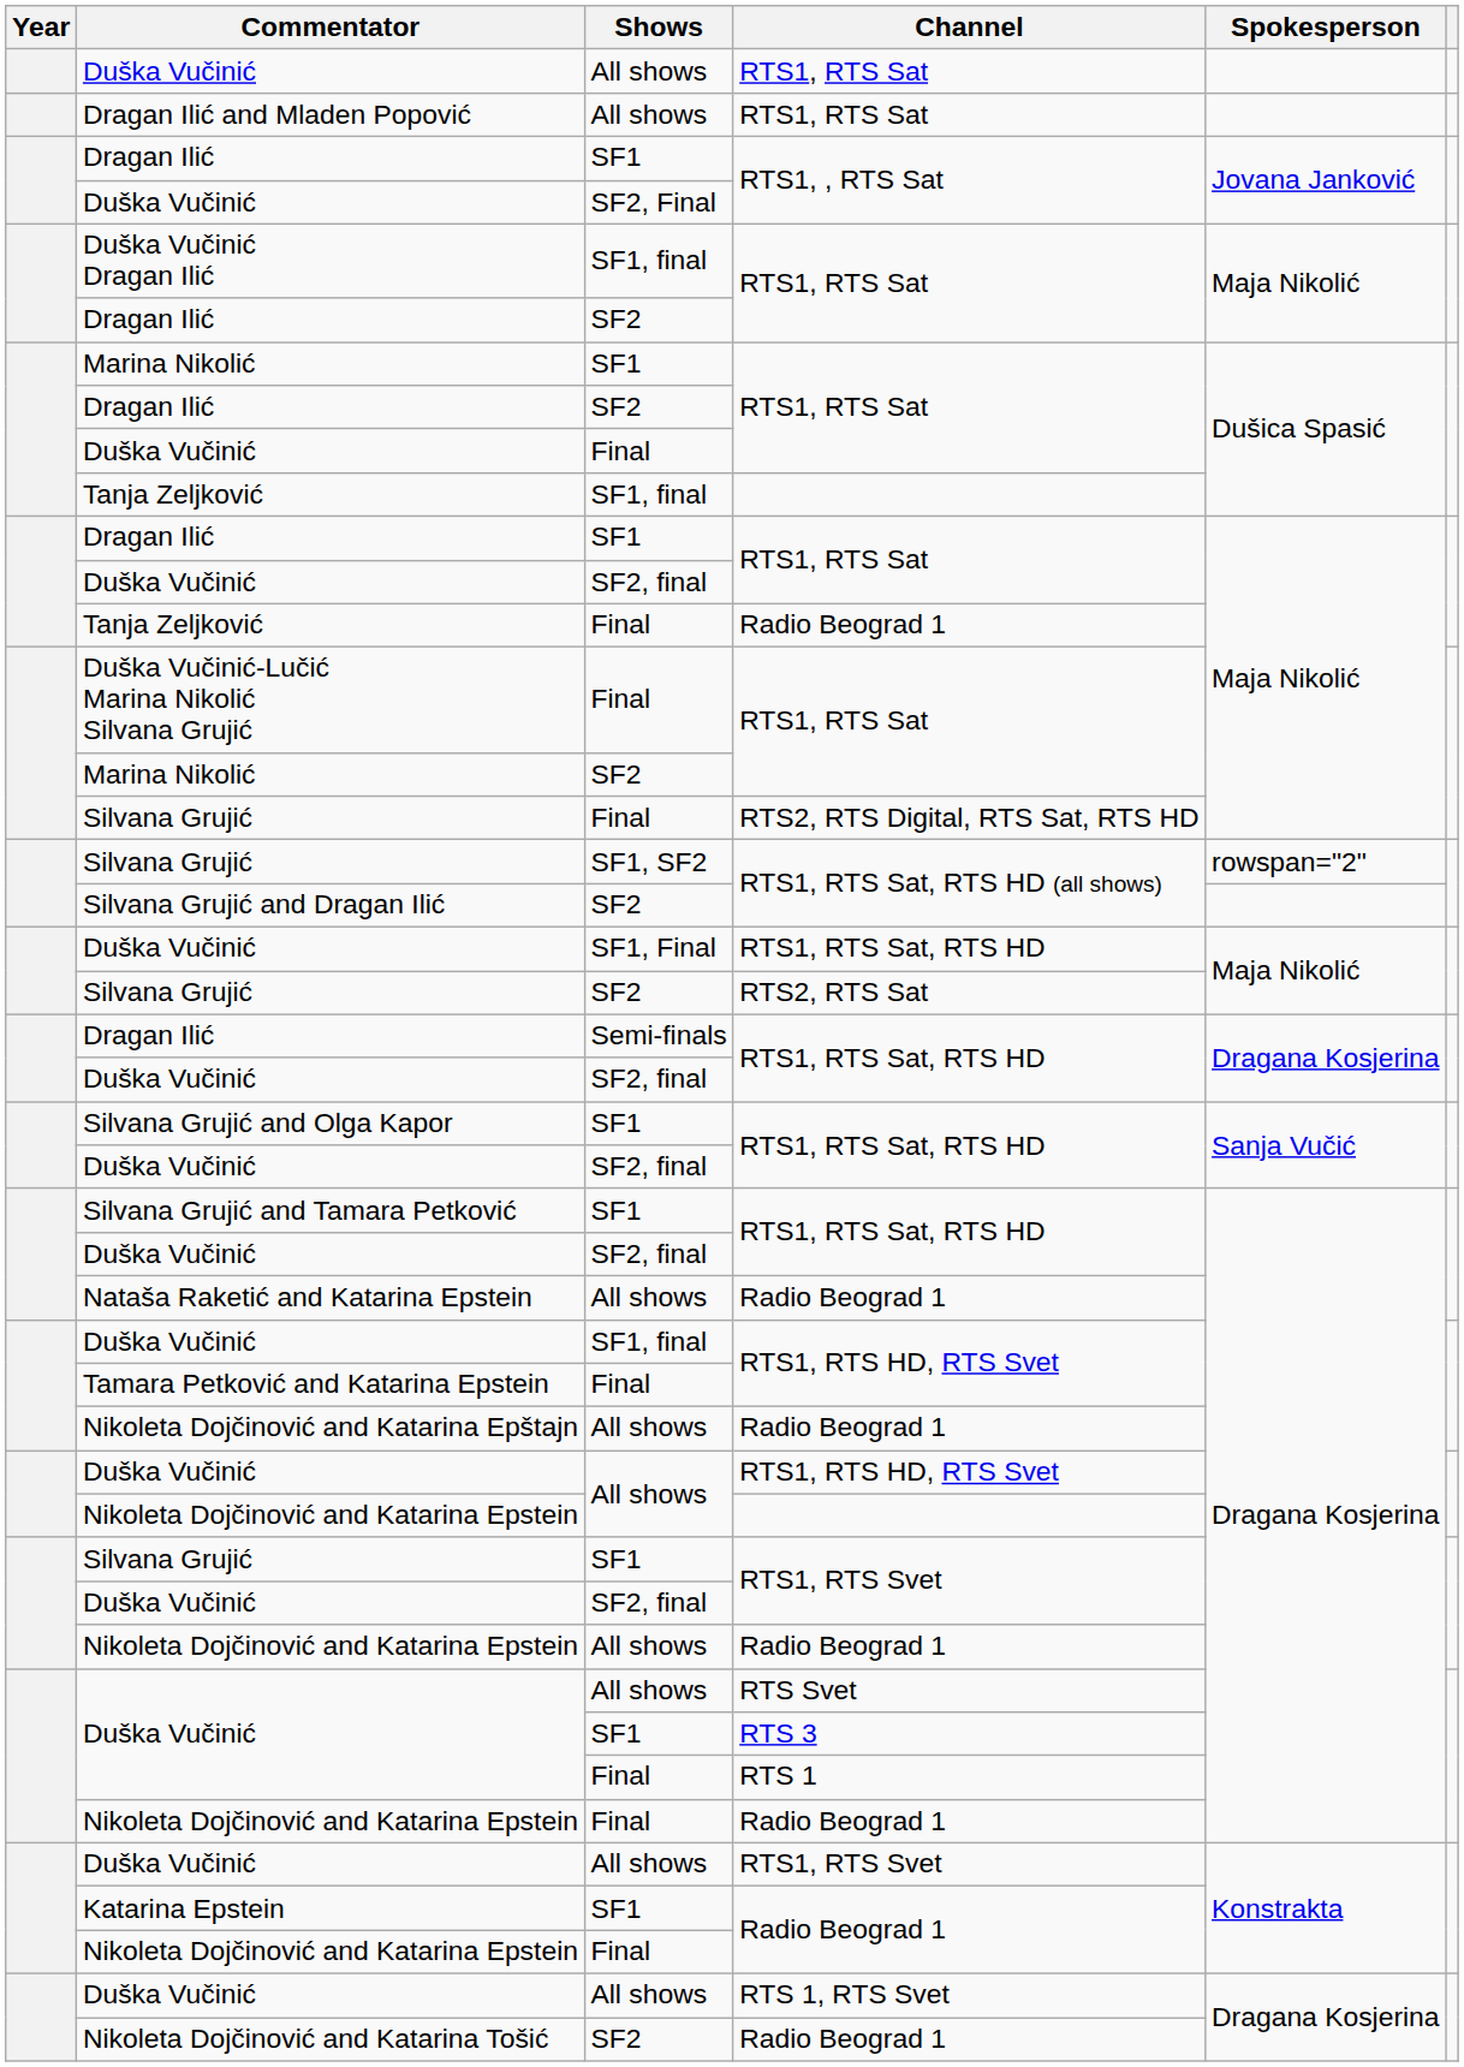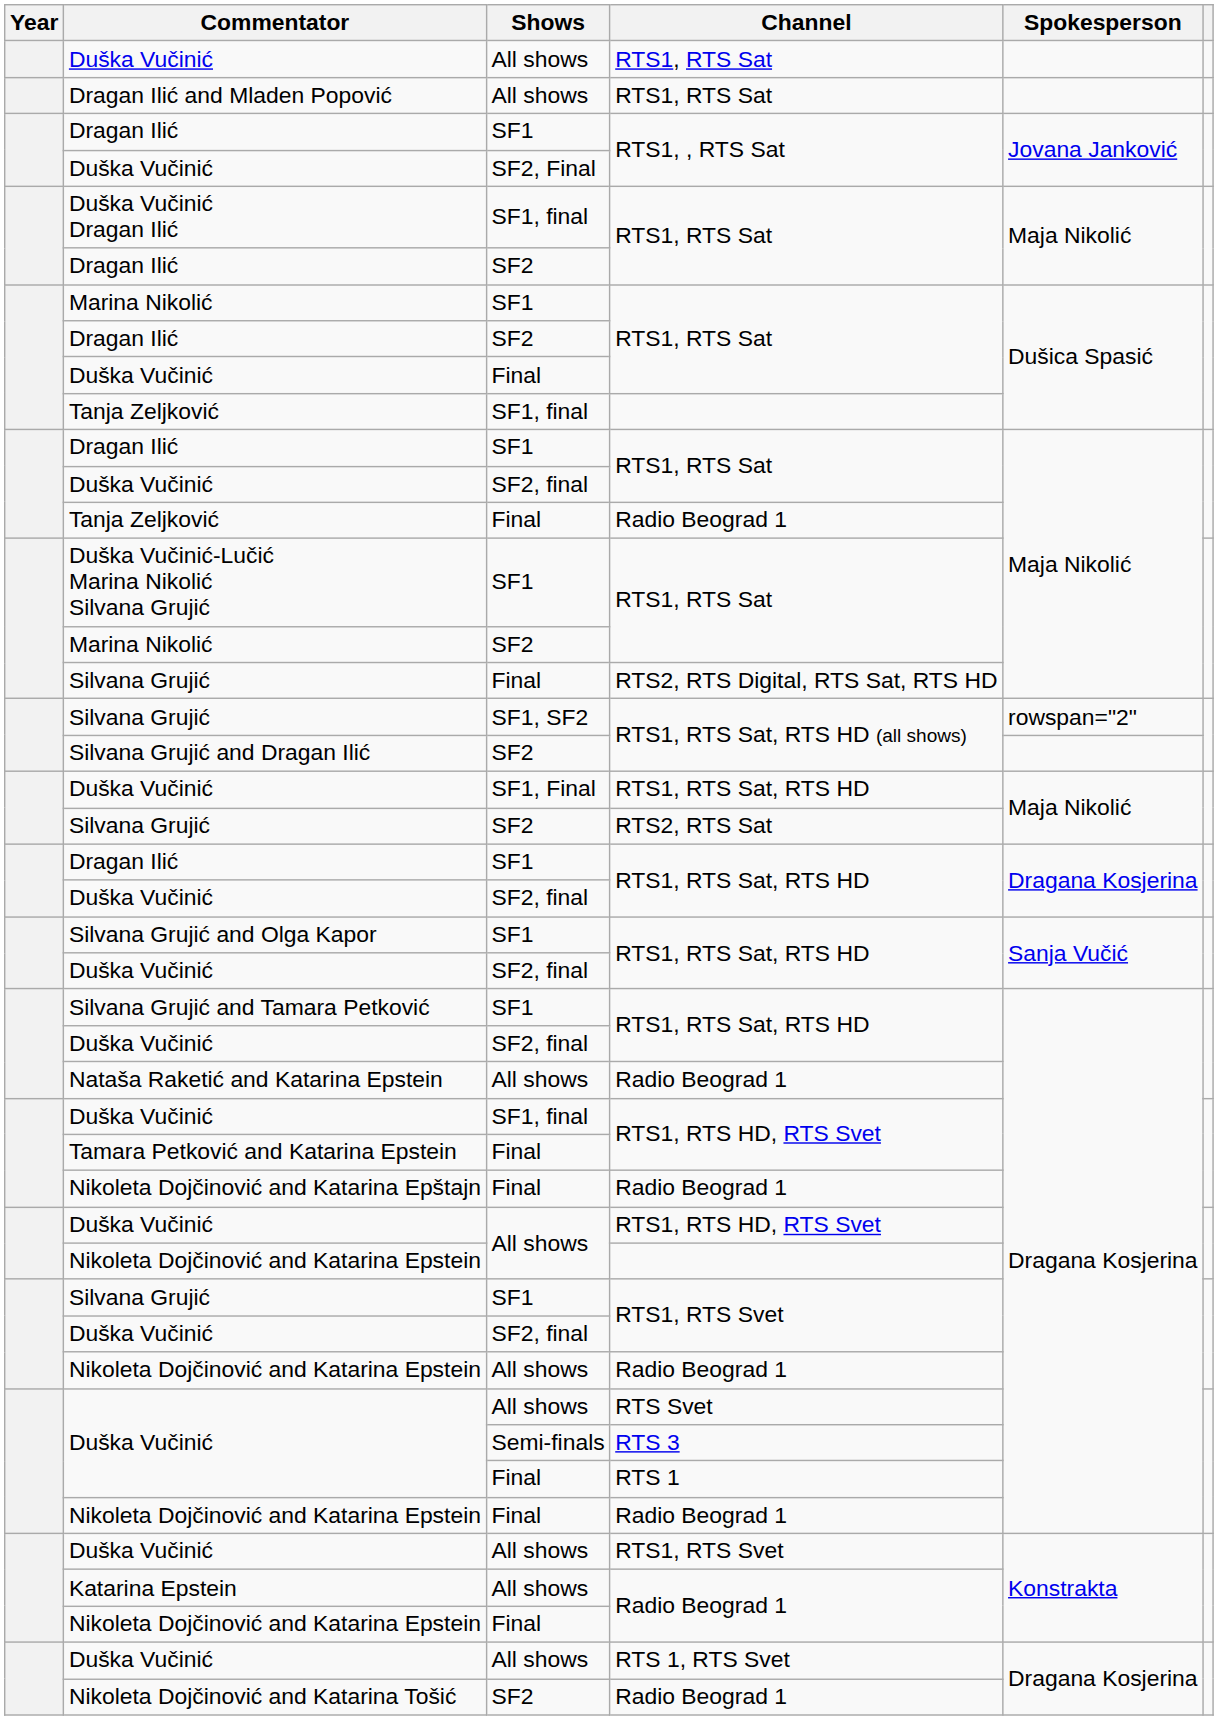 <table class="wikitable sortable plainrowheaders">
 <tr>
 <th>Year</th>
 <th>Commentator</th>
 <th>Shows</th>
 <th>Channel</th>
 <th>Spokesperson</th>
 <th class="unsortable"></th>
 </tr>
 <tr>
 <th scope="row"></th>
 <td><a href='#'>Duška Vučinić</a></td>
 <td>All shows</td>
 <td><a href='#'>RTS1</a>, <a href='#'>RTS Sat</a></td>
 <td></td>
 <td></td>
 </tr>
 <tr>
 <th scope="row"></th>
 <td>Dragan Ilić and Mladen Popović</td>
 <td>All shows</td>
 <td>RTS1, RTS Sat</td>
 <td></td>
 <td></td>
 </tr>
 <tr>
 <th rowspan="2" scope="row"></th>
 <td>Dragan Ilić</td>
 <td>SF1</td>
 <td rowspan="2">RTS1, , RTS Sat</td>
 <td rowspan="2"><a href='#'>Jovana Janković</a></td>
 <td rowspan="2"></td>
 </tr>
 <tr>
 <td>Duška Vučinić</td>
 <td>SF2, Final</td>
 </tr>
 <tr>
 <th rowspan="2" scope="row"></th>
 <td>Duška Vučinić<br>Dragan Ilić</td>
 <td>SF1, final</td>
 <td rowspan="2">RTS1, RTS Sat</td>
 <td rowspan="2">Maja Nikolić</td>
 <td rowspan="2"></td>
 </tr>
 <tr>
 <td>Dragan Ilić</td>
 <td>SF2</td>
 </tr>
 <tr>
 <th rowspan="4" scope="row"></th>
 <td>Marina Nikolić</td>
 <td>SF1</td>
 <td rowspan="3">RTS1, RTS Sat</td>
 <td rowspan="4">Dušica Spasić</td>
 <td rowspan="4"></td>
 </tr>
 <tr>
 <td>Dragan Ilić</td>
 <td>SF2</td>
 </tr>
 <tr>
 <td>Duška Vučinić</td>
 <td>Final</td>
 </tr>
 <tr>
 <td>Tanja Zeljković</td>
 <td>SF1, final</td>
 <td></td>
 </tr>
 <tr>
 <th rowspan="3" scope="row"></th>
 <td>Dragan Ilić</td>
 <td>SF1</td>
 <td rowspan="2">RTS1, RTS Sat</td>
 <td rowspan="6">Maja Nikolić</td>
 <td rowspan="3"></td>
 </tr>
 <tr>
 <td>Duška Vučinić</td>
 <td>SF2, final</td>
 </tr>
 <tr>
 <td>Tanja Zeljković</td>
 <td>Final</td>
 <td>Radio Beograd 1</td>
 </tr>
 <tr>
 <th rowspan="3" scope="row"></th>
 <td>Duška Vučinić-Lučić <br>Marina Nikolić <br>Silvana Grujić </td>
-<td>Final</td>
+<td>SF1</td>
 <td rowspan="2">RTS1, RTS Sat</td>
 <td rowspan="3"></td>
 </tr>
 <tr>
 <td>Marina Nikolić</td>
 <td>SF2</td>
 </tr>
 <tr>
 <td>Silvana Grujić</td>
 <td>Final</td>
 <td>RTS2, RTS Digital, RTS Sat, RTS HD</td>
 </tr>
 <tr>
 <th rowspan="2" scope="row"></th>
 <td>Silvana Grujić</td>
 <td>SF1, SF2</td>
 <td rowspan="2">RTS1, RTS Sat, RTS HD <small>(all shows)</small></td>
 <td>rowspan="2" </td>
 <td rowspan="2"></td>
 </tr>
 <tr>
 <td>Silvana Grujić and Dragan Ilić</td>
 <td>SF2</td>
 </tr>
 <tr>
 <th rowspan="2" scope="row"></th>
 <td>Duška Vučinić</td>
 <td>SF1, Final</td>
 <td>RTS1, RTS Sat, RTS HD</td>
 <td rowspan="2">Maja Nikolić</td>
 <td rowspan="2"></td>
 </tr>
 <tr>
 <td>Silvana Grujić</td>
 <td>SF2</td>
 <td>RTS2, RTS Sat</td>
 </tr>
 <tr>
 <th rowspan="2" scope="row"></th>
 <td>Dragan Ilić</td>
-<td>Semi-finals</td>
+<td>SF1</td>
 <td rowspan="2">RTS1, RTS Sat, RTS HD</td>
 <td rowspan="2"><a href='#'>Dragana Kosjerina</a></td>
 <td rowspan="2"></td>
 </tr>
 <tr>
 <td>Duška Vučinić</td>
 <td>SF2, final</td>
 </tr>
 <tr>
 <th rowspan="2" scope="row"></th>
 <td>Silvana Grujić and Olga Kapor</td>
 <td>SF1</td>
 <td rowspan="2">RTS1, RTS Sat, RTS HD</td>
 <td rowspan="2"><a href='#'>Sanja Vučić</a></td>
 <td rowspan="2"></td>
 </tr>
 <tr>
 <td>Duška Vučinić</td>
 <td>SF2, final</td>
 </tr>
 <tr>
 <th rowspan="3" scope="row"></th>
 <td>Silvana Grujić and Tamara Petković</td>
 <td>SF1</td>
 <td rowspan="2">RTS1, RTS Sat, RTS HD</td>
 <td rowspan="15">Dragana Kosjerina</td>
 <td rowspan="3"></td>
 </tr>
 <tr>
 <td>Duška Vučinić</td>
 <td>SF2, final</td>
 </tr>
 <tr>
 <td>Nataša Raketić and Katarina Epstein</td>
 <td>All shows</td>
 <td>Radio Beograd 1</td>
 </tr>
 <tr>
 <th rowspan="3" scope="row"></th>
 <td>Duška Vučinić</td>
 <td>SF1, final</td>
 <td rowspan="2">RTS1, RTS HD, <a href='#'>RTS Svet</a></td>
 <td rowspan="3"></td>
 </tr>
 <tr>
 <td>Tamara Petković and Katarina Epstein</td>
 <td>Final</td>
 </tr>
 <tr>
 <td>Nikoleta Dojčinović and Katarina Epštajn</td>
-<td>All shows</td>
+<td>Final</td>
 <td>Radio Beograd 1</td>
 </tr>
 <tr>
 <th rowspan="2" scope="row"></th>
 <td>Duška Vučinić</td>
 <td rowspan="2">All shows</td>
 <td>RTS1, RTS HD, <a href='#'>RTS Svet</a></td>
 <td rowspan="2"></td>
 </tr>
 <tr>
 <td>Nikoleta Dojčinović and Katarina Epstein</td>
 <td></td>
 </tr>
 <tr>
 <th rowspan="3" scope="row"></th>
 <td>Silvana Grujić</td>
 <td>SF1</td>
 <td rowspan="2">RTS1, RTS Svet</td>
 <td rowspan="3"></td>
 </tr>
 <tr>
 <td>Duška Vučinić</td>
 <td>SF2, final</td>
 </tr>
 <tr>
 <td>Nikoleta Dojčinović and Katarina Epstein</td>
 <td>All shows</td>
 <td>Radio Beograd 1</td>
 </tr>
 <tr>
 <th rowspan="4" scope="row"></th>
 <td rowspan="3">Duška Vučinić</td>
 <td>All shows</td>
 <td>RTS Svet</td>
 <td rowspan="4"></td>
 </tr>
 <tr>
-<td>SF1</td>
+<td>Semi-finals</td>
 <td><a href='#'>RTS 3</a></td>
 </tr>
 <tr>
 <td>Final</td>
 <td>RTS 1</td>
 </tr>
 <tr>
 <td>Nikoleta Dojčinović and Katarina Epstein</td>
 <td>Final</td>
 <td>Radio Beograd 1</td>
 </tr>
 <tr>
 <th rowspan="3" scope="row"></th>
 <td>Duška Vučinić</td>
 <td>All shows</td>
 <td>RTS1, RTS Svet</td>
 <td rowspan="3"><a href='#'>Konstrakta</a></td>
 <td rowspan="3"></td>
 </tr>
 <tr>
 <td>Katarina Epstein</td>
-<td>SF1</td>
+<td>All shows</td>
 <td rowspan="2">Radio Beograd 1</td>
 </tr>
 <tr>
 <td>Nikoleta Dojčinović and Katarina Epstein</td>
 <td>Final</td>
 </tr>
 <tr>
 <th rowspan="2" scope="row"></th>
 <td>Duška Vučinić</td>
 <td>All shows</td>
 <td>RTS 1, RTS Svet</td>
 <td rowspan="2">Dragana Kosjerina</td>
 <td rowspan="2"></td>
 </tr>
 <tr>
 <td>Nikoleta Dojčinović and Katarina Tošić</td>
 <td>SF2</td>
 <td>Radio Beograd 1</td>
 </tr>
 </table>
